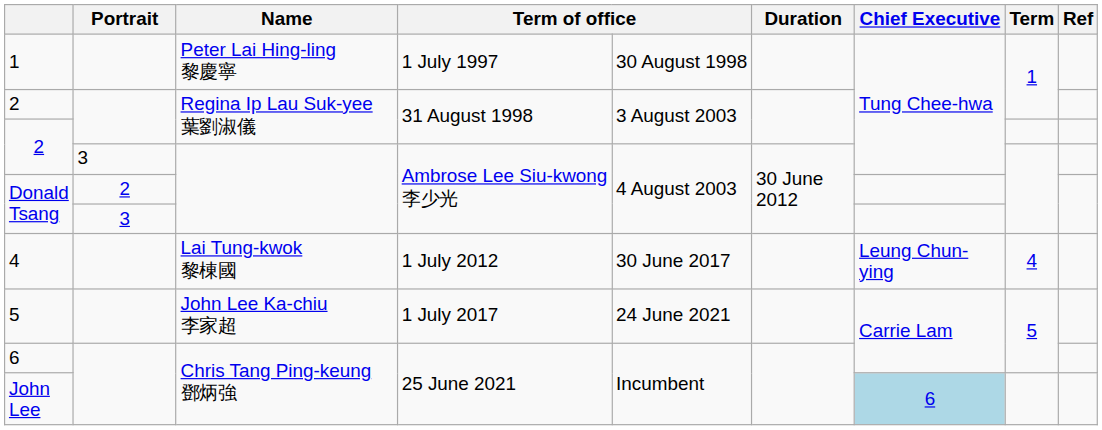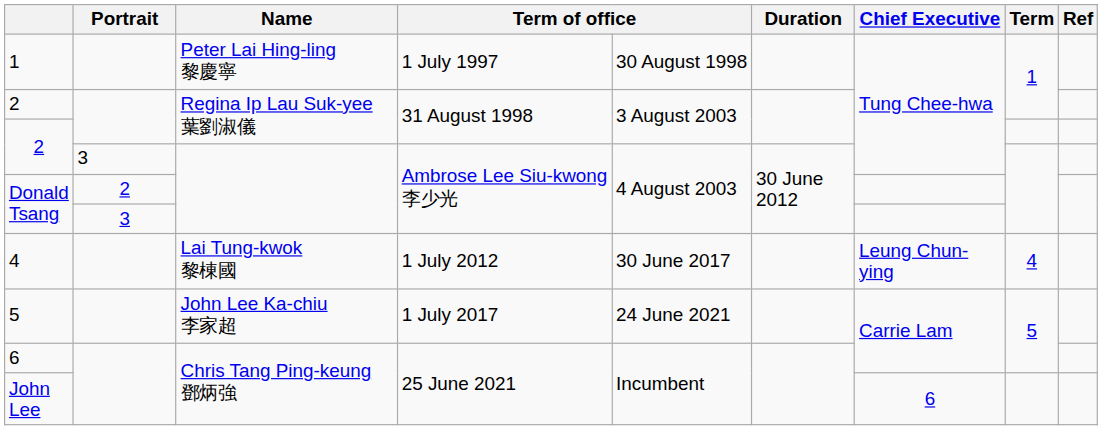 <table class="wikitable"  style="text-align:left">
 <tr>
 <th width=10px></th>
 <th width=80px>Portrait</th>
 <th width=180px>Name</th>
 <th width=180px colspan=2>Term of office</th>
 <th width=80px>Duration</th>
 <th width=120px><a href='#'>Chief Executive</a></th>
 <th>Term</th>
 <th>Ref</th>
 </tr>
 <tr>
 <td bgcolor=>1</td>
 <td></td>
 <td><a href='#'>Peter Lai Hing-ling</a><br>黎慶寧</td>
 <td>1 July 1997</td>
 <td>30 August 1998</td>
 <td></td>
 <td rowspan=4><a href='#'>Tung Chee-hwa</a><br></td>
 <td rowspan=2 align=center><a href='#'>1</a></td>
 <td></td>
 </tr>
 <tr>
 <td bgcolor=>2</td>
 <td rowspan=2></td>
 <td rowspan="2"><a href='#'>Regina Ip Lau Suk-yee</a><br>葉劉淑儀</td>
 <td rowspan=2>31 August 1998</td>
 <td rowspan=2>3 August 2003</td>
 <td rowspan=2></td>
 <td></td>
 </tr>
 <tr>
 <td rowspan=2 align=center><a href='#'>2</a></td>
 <td></td>
 </tr>
 <tr>
 <td bgcolor=>3</td>
 <td rowspan=3></td>
 <td rowspan="3"><a href='#'>Ambrose Lee Siu-kwong</a><br>李少光</td>
 <td rowspan=3>4 August 2003</td>
 <td rowspan=3>30 June 2012</td>
 <td rowspan=3></td>
 <td></td>
 </tr>
 <tr>
 <td rowspan=2><a href='#'>Donald Tsang</a><br></td>
 <td align=center><a href='#'>2</a></td>
 <td></td>
 </tr>
 <tr>
 <td align=center><a href='#'>3</a></td>
 <td></td>
 </tr>
 <tr>
 <td bgcolor=>4</td>
 <td></td>
 <td><a href='#'>Lai Tung-kwok</a><br>黎棟國</td>
 <td>1 July 2012</td>
 <td>30 June 2017</td>
 <td></td>
 <td><a href='#'>Leung Chun-ying</a><br></td>
 <td align=center><a href='#'>4</a></td>
 <td></td>
 </tr>
 <tr>
 <td bgcolor=>5</td>
 <td></td>
 <td><a href='#'>John Lee Ka-chiu</a><br>李家超</td>
 <td>1 July 2017</td>
 <td>24 June 2021</td>
 <td></td>
 <td rowspan=2><a href='#'>Carrie Lam</a><br></td>
 <td rowspan=2 align=center><a href='#'>5</a></td>
 <td></td>
 </tr>
 <tr>
 <td bgcolor=>6</td>
 <td rowspan=2></td>
 <td rowspan=2><a href='#'>Chris Tang Ping-keung</a><br>鄧炳強</td>
 <td rowspan=2>25 June 2021</td>
 <td rowspan=2>Incumbent</td>
 <td rowspan=3></td>
 <td></td>
 </tr>
 <tr>
 <td><a href='#'>John Lee</a><br></td>
-<td align=center style="background: lightblue;"><a href='#'>6</a></td>
+<td align=center><a href='#'>6</a></td>
 <td></td>
 </tr>
 </table>
